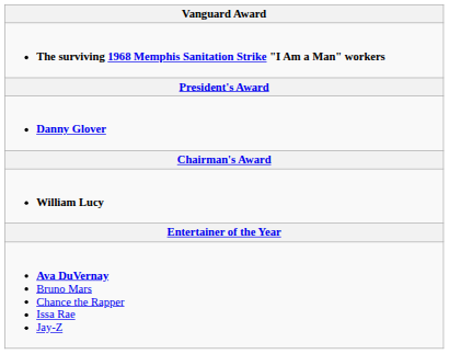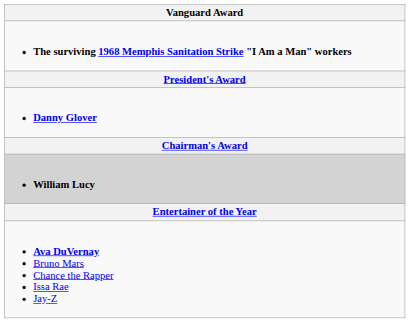 <table class="wikitable">
 <tr>
 <th style="width=50%">Vanguard Award</th>
 </tr>
 <tr>
 <td width="50%" valign="top"><br><ul><li><strong>The surviving <a href='#'>1968 Memphis Sanitation Strike</a> "I Am a Man" workers</strong></li></ul></td>
 </tr>
 <tr>
 <th style="width=50%"><a href='#'>President's Award</a></th>
 </tr>
 <tr>
 <td width="50%" valign="top"><br><ul><li><strong><a href='#'>Danny Glover</a></strong></li></ul></td>
 </tr>
 <tr>
 <th style="width=50%"><a href='#'>Chairman's Award</a></th>
 </tr>
 <tr>
-<td width="50%" valign="top"><br><ul><li><strong>William Lucy</strong></li></ul></td>
+<td width="50%" valign="top" style="background: lightgrey;"><br><ul><li><strong>William Lucy</strong></li></ul></td>
 </tr>
 <tr>
 <th style="width=50%"><a href='#'>Entertainer of the Year</a></th>
 </tr>
 <tr>
 <td width="50%" valign="top"><br><ul><li><strong><a href='#'>Ava DuVernay</a></strong></li><li><a href='#'>Bruno Mars</a></li><li><a href='#'>Chance the Rapper</a></li><li><a href='#'>Issa Rae</a></li><li><a href='#'>Jay-Z</a></li></ul></td>
 </tr>
 </table>
